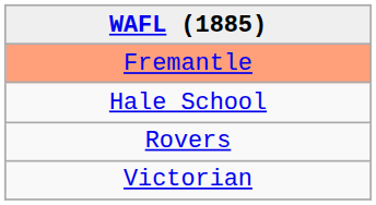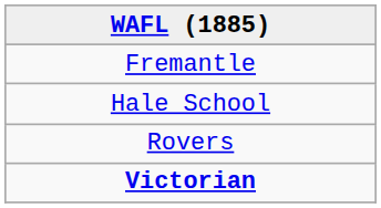 <table class="wikitable" style="text-align:center; width:200px; font-size:100%">
 <tr>
 <th colspan=2 style="background:#efefef;"><a href='#'>WAFL</a> (1885)</th>
 </tr>
 <tr>
-<td style="background: lightsalmon;"><a href='#'>Fremantle</a></td>
+<td><a href='#'>Fremantle</a></td>
 </tr>
 <tr>
 <td><a href='#'>Hale School</a></td>
 </tr>
 <tr>
 <td><a href='#'>Rovers</a></td>
 </tr>
 <tr>
-<td><a href='#'>Victorian</a></td>
+<td><strong><a href='#'>Victorian</a></strong></td>
 </tr>
 </table>
